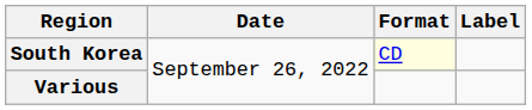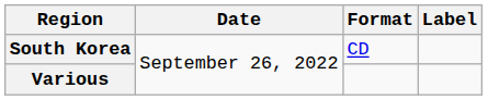 <table class="wikitable plainrowheaders">
 <tr>
 <th scope="col">Region</th>
 <th scope="col">Date</th>
 <th scope="col">Format</th>
 <th scope="col">Label</th>
 </tr>
 <tr>
 <th scope="row">South Korea</th>
 <td rowspan="2">September 26, 2022</td>
-<td style="background: lightyellow;"><a href='#'>CD</a></td>
+<td><a href='#'>CD</a></td>
 <td></td>
 </tr>
 <tr>
 <th scope="row">Various </th>
 <td></td>
 <td></td>
 </tr>
 </table>
